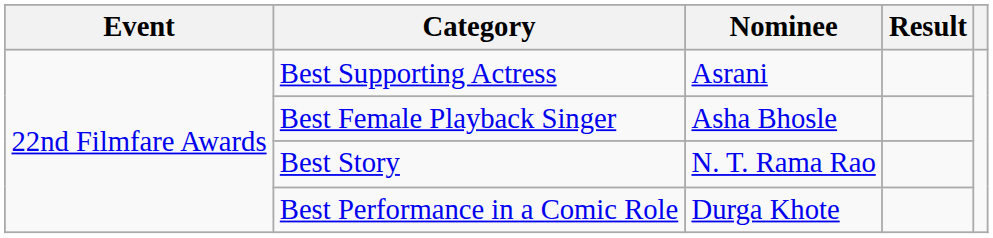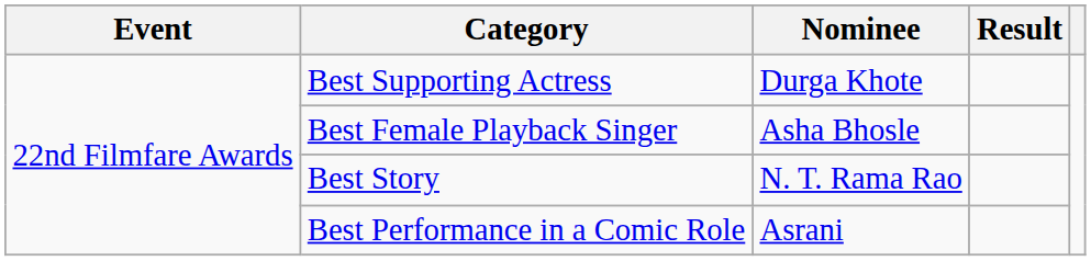 <table class="wikitable">
 <tr>
 <th>Event</th>
 <th>Category</th>
 <th>Nominee</th>
 <th>Result</th>
 <th></th>
 </tr>
 <tr>
 <td rowspan="4"><a href='#'>22nd Filmfare Awards</a></td>
 <td><a href='#'>Best Supporting Actress</a></td>
-<td><a href='#'>Asrani</a></td>
+<td><a href='#'>Durga Khote</a></td>
 <td></td>
 <td rowspan="4" style="text-align: center;"><br></td>
 </tr>
 <tr>
 <td><a href='#'>Best Female Playback Singer</a></td>
 <td><a href='#'>Asha Bhosle</a></td>
 <td></td>
 </tr>
 <tr>
 <td><a href='#'>Best Story</a></td>
 <td><a href='#'>N. T. Rama Rao</a></td>
 <td></td>
 </tr>
 <tr>
 <td><a href='#'>Best Performance in a Comic Role</a></td>
-<td><a href='#'>Durga Khote</a></td>
+<td><a href='#'>Asrani</a></td>
 <td></td>
 </tr>
 </table>
